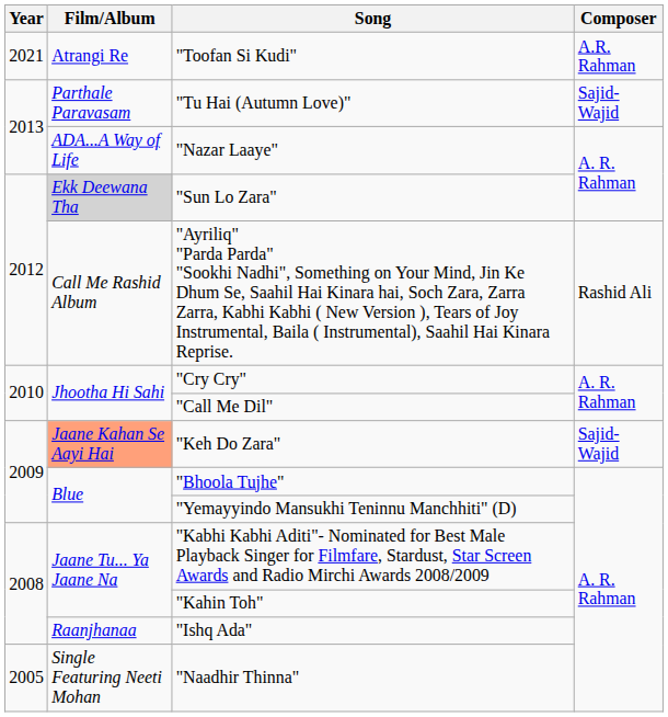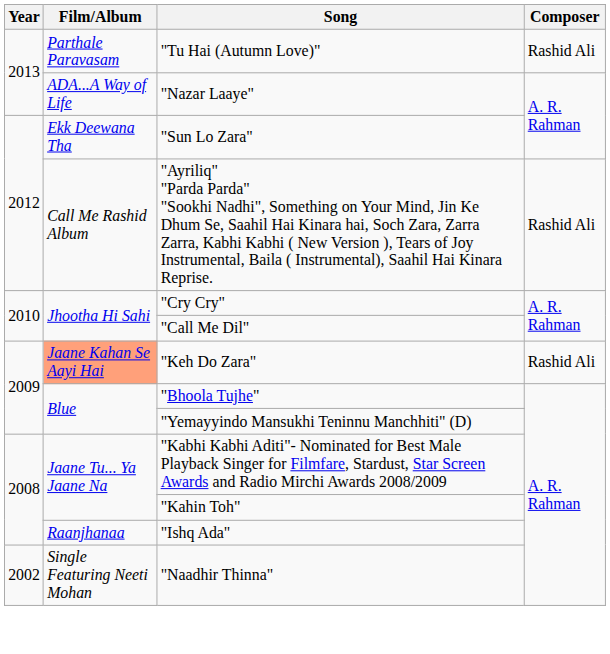 <table class="wikitable">
 <tr>
 <th>Year</th>
 <th>Film/Album</th>
 <th>Song</th>
 <th>Composer</th>
 </tr>
 <tr>
-<td>2021</td>
-<td><a href='#'>Atrangi Re</a></td>
-<td>"Toofan Si Kudi"</td>
-<td><a href='#'>A.R. Rahman</a></td>
-</tr>
-<tr>
 <td rowspan=2>2013</td>
 <td><em><a href='#'>Parthale Paravasam</a></em></td>
 <td>"Tu Hai (Autumn Love)"</td>
-<td><a href='#'>Sajid-Wajid</a></td>
+<td>Rashid Ali</td>
 </tr>
 <tr>
 <td><em><a href='#'>ADA...A Way of Life</a></em></td>
 <td>"Nazar Laaye"</td>
 <td rowspan=2><a href='#'>A.&nbsp;R. Rahman</a></td>
 </tr>
 <tr>
 <td rowspan="2">2012</td>
-<td style="background: lightgrey;"><em><a href='#'>Ekk Deewana Tha</a></em></td>
+<td><em><a href='#'>Ekk Deewana Tha</a></em></td>
 <td>"Sun Lo Zara"</td>
 </tr>
 <tr>
 <td><em>Call Me Rashid Album</em></td>
 <td>"Ayriliq"<br>"Parda Parda"<br>"Sookhi Nadhi", Something on Your Mind, Jin Ke Dhum Se, Saahil Hai Kinara hai, Soch Zara, Zarra Zarra, Kabhi Kabhi ( New Version ), Tears of Joy Instrumental, Baila ( Instrumental), Saahil Hai Kinara Reprise.</td>
 <td>Rashid Ali</td>
 </tr>
 <tr>
 <td rowspan=2>2010</td>
 <td rowspan=2><em><a href='#'>Jhootha Hi Sahi</a></em></td>
 <td>"Cry Cry"</td>
 <td rowspan=2><a href='#'>A.&nbsp;R. Rahman</a></td>
 </tr>
 <tr>
 <td>"Call Me Dil"</td>
 </tr>
 <tr>
 <td rowspan="3">2009</td>
 <td style="background: lightsalmon;"><em><a href='#'>Jaane Kahan Se Aayi Hai</a></em></td>
 <td>"Keh Do Zara"</td>
-<td><a href='#'>Sajid-Wajid</a></td>
+<td>Rashid Ali</td>
 </tr>
 <tr>
 <td rowspan=2><a href='#'><em>Blue</em></a></td>
 <td>"<a href='#'>Bhoola Tujhe</a>"</td>
 <td rowspan=6><a href='#'>A. R. Rahman</a></td>
 </tr>
 <tr>
 <td>"Yemayyindo Mansukhi Teninnu Manchhiti" (D)</td>
 </tr>
 <tr>
 <td rowspan="3">2008</td>
 <td rowspan=2><em><a href='#'>Jaane Tu... Ya Jaane Na</a></em></td>
 <td>"Kabhi Kabhi Aditi"- Nominated for Best Male Playback Singer for <a href='#'>Filmfare</a>, Stardust, <a href='#'>Star Screen Awards</a> and Radio Mirchi Awards 2008/2009</td>
 </tr>
 <tr>
 <td>"Kahin Toh"</td>
 </tr>
 <tr>
 <td><em><a href='#'>Raanjhanaa</a></em></td>
 <td>"Ishq Ada"</td>
 </tr>
 <tr>
-<td>2005</td>
+<td>2002</td>
 <td><em>Single Featuring Neeti Mohan</em></td>
 <td>"Naadhir Thinna"</td>
 </tr>
 </table>
